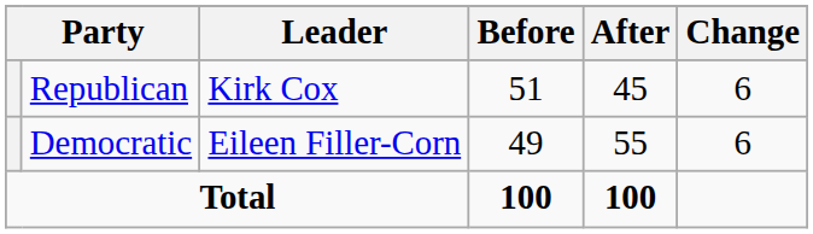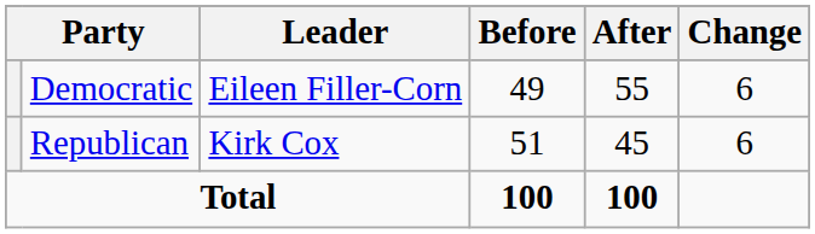 <table class="wikitable" style="text-align:center;">
 <tr>
 </tr>
 <tr>
 <th colspan=2>Party</th>
 <th>Leader</th>
 <th>Before</th>
 <th>After</th>
 <th>Change</th>
 </tr>
 <tr>
 <th style="background-color:"></th>
+<td style="text-align:left;"><a href='#'>Democratic</a></td>
+<td style="text-align:left;"><a href='#'>Eileen Filler-Corn</a></td>
+<td>49</td>
+<td>55</td>
+<td> 6</td>
+</tr>
+<tr>
+<th style="background-color:"></th>
 <td style="text-align:left;"><a href='#'>Republican</a></td>
 <td style="text-align:left;"><a href='#'>Kirk Cox</a></td>
 <td>51</td>
 <td>45</td>
-<td> 6</td>
-</tr>
-<tr>
-<th style="background-color:"></th>
-<td style="text-align:left;"><a href='#'>Democratic</a></td>
-<td style="text-align:left;"><a href='#'>Eileen Filler-Corn</a></td>
-<td>49</td>
-<td>55</td>
 <td> 6</td>
 </tr>
 <tr>
 <td colspan=3><strong>Total</strong></td>
 <td><strong>100</strong></td>
 <td><strong>100</strong></td>
 </tr>
 </table>
